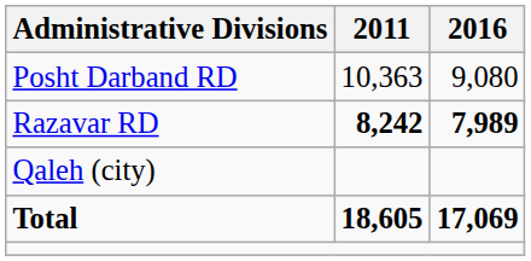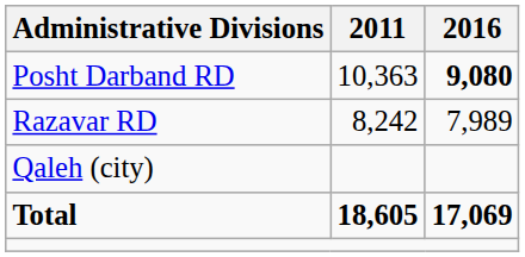 <table class="wikitable">
 <tr>
 <th>Administrative Divisions</th>
 <th>2011</th>
 <th>2016</th>
 </tr>
 <tr>
 <td><a href='#'>Posht Darband RD</a></td>
 <td style="text-align: right;">10,363</td>
-<td style="text-align: right;">9,080</td>
+<td style="text-align: right;"><strong>9,080</strong></td>
 </tr>
 <tr>
 <td><a href='#'>Razavar RD</a></td>
-<td style="text-align: right;"><strong>8,242</strong></td>
-<td style="text-align: right;"><strong>7,989</strong></td>
+<td style="text-align: right;">8,242</td>
+<td style="text-align: right;">7,989</td>
 </tr>
 <tr>
 <td><a href='#'>Qaleh</a> (city)</td>
 <td style="text-align: right;"></td>
 <td style="text-align: right;"></td>
 </tr>
 <tr>
 <td><strong>Total</strong></td>
 <td style="text-align: right;"><strong>18,605</strong></td>
 <td style="text-align: right;"><strong>17,069</strong></td>
 </tr>
 <tr>
 <td colspan=4></td>
 </tr>
 </table>
